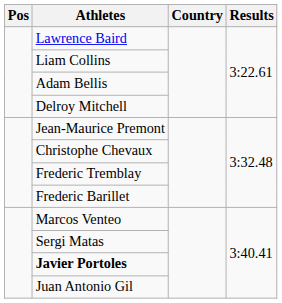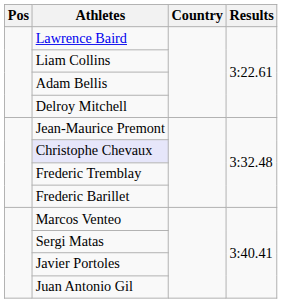 <table class="wikitable">
 <tr>
 <th>Pos</th>
 <th>Athletes</th>
 <th>Country</th>
 <th>Results</th>
 </tr>
 <tr>
 <td rowspan="4"></td>
 <td><a href='#'>Lawrence Baird</a></td>
 <td rowspan="4"></td>
 <td rowspan="4">3:22.61</td>
 </tr>
 <tr>
 <td>Liam Collins</td>
 </tr>
 <tr>
 <td>Adam Bellis</td>
 </tr>
 <tr>
 <td>Delroy Mitchell</td>
 </tr>
 <tr>
 <td rowspan="4"></td>
 <td>Jean-Maurice Premont</td>
 <td rowspan="4"></td>
 <td rowspan="4">3:32.48</td>
 </tr>
 <tr>
-<td>Christophe Chevaux</td>
+<td style="background: lavender;">Christophe Chevaux</td>
 </tr>
 <tr>
 <td>Frederic Tremblay</td>
 </tr>
 <tr>
 <td>Frederic Barillet</td>
 </tr>
 <tr>
 <td rowspan="4"></td>
 <td>Marcos Venteo</td>
 <td rowspan="4"></td>
 <td rowspan="4">3:40.41</td>
 </tr>
 <tr>
 <td>Sergi Matas</td>
 </tr>
 <tr>
-<td><strong>Javier Portoles</strong></td>
+<td>Javier Portoles</td>
 </tr>
 <tr>
 <td>Juan Antonio Gil</td>
 </tr>
 </table>
